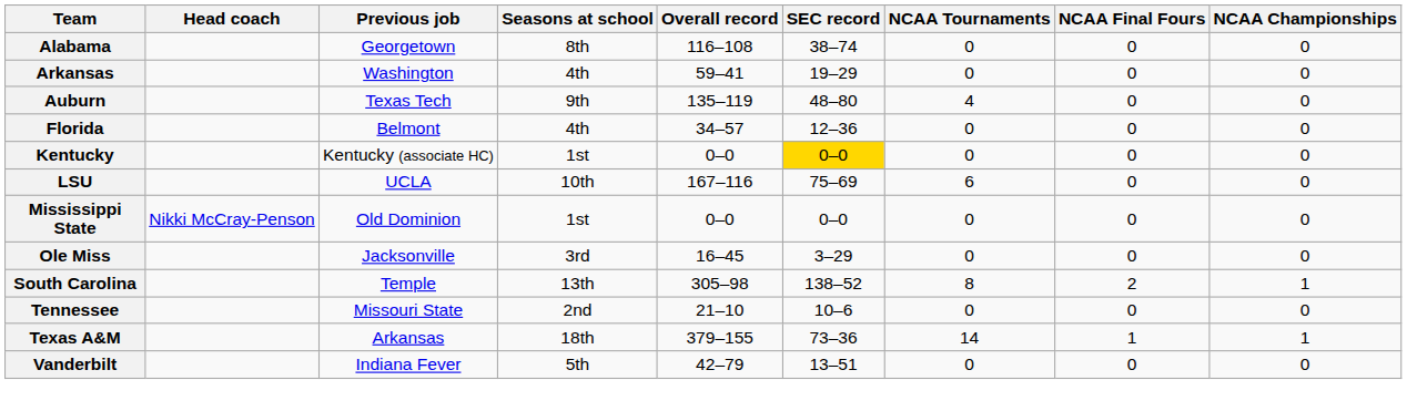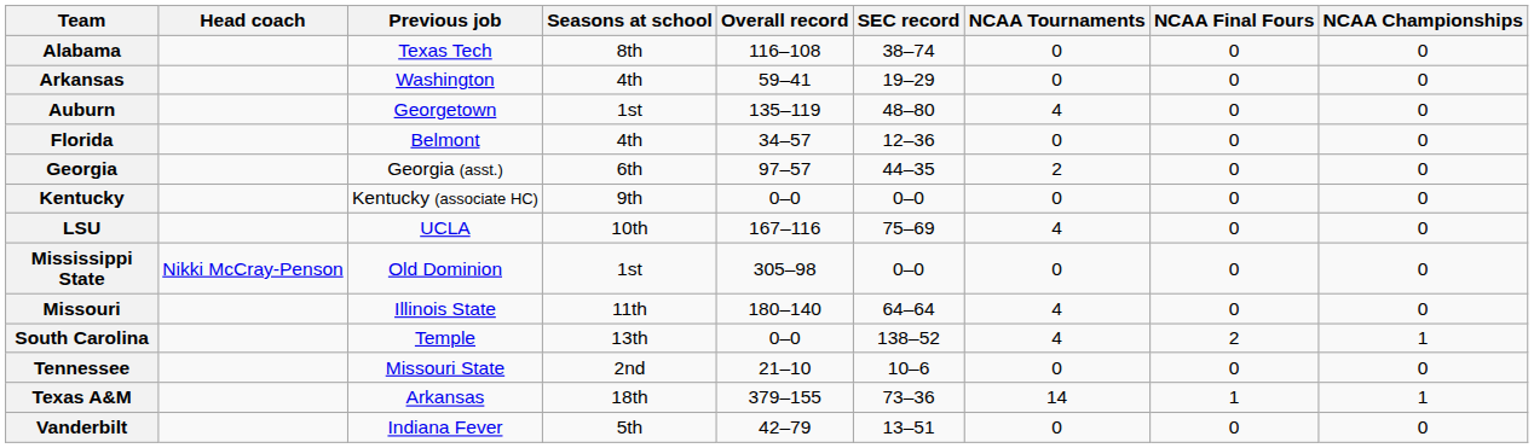 <table class="wikitable sortable" style="text-align: center;font-size:90%;">
 <tr>
 <th width="110">Team</th>
 <th>Head coach</th>
 <th>Previous job</th>
 <th>Seasons at school</th>
 <th>Overall record</th>
 <th>SEC record</th>
 <th>NCAA Tournaments</th>
 <th>NCAA Final Fours</th>
 <th>NCAA Championships</th>
 </tr>
 <tr>
 <th>Alabama</th>
 <td></td>
-<td><a href='#'>Georgetown</a></td>
+<td><a href='#'>Texas Tech</a></td>
 <td>8th</td>
 <td>116–108</td>
 <td>38–74</td>
 <td>0</td>
 <td>0</td>
 <td>0</td>
 </tr>
 <tr>
 <th>Arkansas</th>
 <td></td>
 <td><a href='#'>Washington</a></td>
 <td>4th</td>
 <td>59–41</td>
 <td>19–29</td>
 <td>0</td>
 <td>0</td>
 <td>0</td>
 </tr>
 <tr>
 <th>Auburn</th>
 <td></td>
-<td><a href='#'>Texas Tech</a></td>
-<td>9th</td>
+<td><a href='#'>Georgetown</a></td>
+<td>1st</td>
 <td>135–119</td>
 <td>48–80</td>
 <td>4</td>
 <td>0</td>
 <td>0</td>
 </tr>
 <tr>
 <th>Florida</th>
 <td></td>
 <td><a href='#'>Belmont</a></td>
 <td>4th</td>
 <td>34–57</td>
 <td>12–36</td>
 <td>0</td>
 <td>0</td>
 <td>0</td>
 </tr>
 <tr>
+<th>Georgia</th>
+<td></td>
+<td>Georgia <small>(asst.)</small></td>
+<td>6th</td>
+<td>97–57</td>
+<td>44–35</td>
+<td>2</td>
+<td>0</td>
+<td>0</td>
+</tr>
+<tr>
 <th>Kentucky</th>
 <td></td>
 <td>Kentucky <small>(associate HC)</small></td>
-<td>1st</td>
+<td>9th</td>
 <td>0–0</td>
-<td style="background: gold;">0–0</td>
+<td>0–0</td>
 <td>0</td>
 <td>0</td>
 <td>0</td>
 </tr>
 <tr>
 <th>LSU</th>
 <td></td>
 <td><a href='#'>UCLA</a></td>
 <td>10th</td>
 <td>167–116</td>
 <td>75–69</td>
-<td>6</td>
+<td>4</td>
 <td>0</td>
 <td>0</td>
 </tr>
 <tr>
 <th>Mississippi State</th>
 <td><a href='#'>Nikki McCray-Penson</a></td>
 <td><a href='#'>Old Dominion</a></td>
 <td>1st</td>
-<td>0–0</td>
+<td>305–98</td>
 <td>0–0</td>
 <td>0</td>
 <td>0</td>
 <td>0</td>
 </tr>
 <tr>
-<th>Ole Miss</th>
+<th>Missouri</th>
 <td></td>
-<td><a href='#'>Jacksonville</a></td>
-<td>3rd</td>
-<td>16–45</td>
-<td>3–29</td>
-<td>0</td>
+<td><a href='#'>Illinois State</a></td>
+<td>11th</td>
+<td>180–140</td>
+<td>64–64</td>
+<td>4</td>
 <td>0</td>
 <td>0</td>
 </tr>
 <tr>
 <th>South Carolina</th>
 <td></td>
 <td><a href='#'>Temple</a></td>
 <td>13th</td>
-<td>305–98</td>
+<td>0–0</td>
 <td>138–52</td>
-<td>8</td>
+<td>4</td>
 <td>2</td>
 <td>1</td>
 </tr>
 <tr>
 <th>Tennessee</th>
 <td></td>
 <td><a href='#'>Missouri State</a></td>
 <td>2nd</td>
 <td>21–10</td>
 <td>10–6</td>
 <td>0</td>
 <td>0</td>
 <td>0</td>
 </tr>
 <tr>
 <th>Texas A&M</th>
 <td></td>
 <td><a href='#'>Arkansas</a></td>
 <td>18th</td>
 <td>379–155</td>
 <td>73–36</td>
 <td>14</td>
 <td>1</td>
 <td>1</td>
 </tr>
 <tr>
 <th>Vanderbilt</th>
 <td></td>
 <td><a href='#'>Indiana Fever</a></td>
 <td>5th</td>
 <td>42–79</td>
 <td>13–51</td>
 <td>0</td>
 <td>0</td>
 <td>0</td>
 </tr>
 </table>
